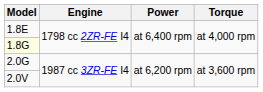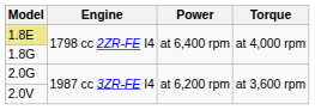 <table class="wikitable">
 <tr>
 <th>Model</th>
 <th>Engine</th>
 <th>Power</th>
 <th>Torque</th>
 </tr>
 <tr>
-<td>1.8E</td>
+<td style="background: khaki;">1.8E</td>
 <td rowspan="2">1798 cc <em><a href='#'>2ZR-FE</a></em> I4</td>
 <td rowspan="2"> at 6,400 rpm</td>
 <td rowspan="2"> at 4,000 rpm</td>
 </tr>
 <tr>
-<td style="background: lightyellow;">1.8G</td>
+<td>1.8G</td>
 </tr>
 <tr>
 <td>2.0G</td>
 <td rowspan="2">1987 cc <em><a href='#'>3ZR-FE</a></em> I4</td>
 <td rowspan="2"> at 6,200 rpm</td>
 <td rowspan="2"> at 3,600 rpm</td>
 </tr>
 <tr>
 <td>2.0V</td>
 </tr>
 </table>
